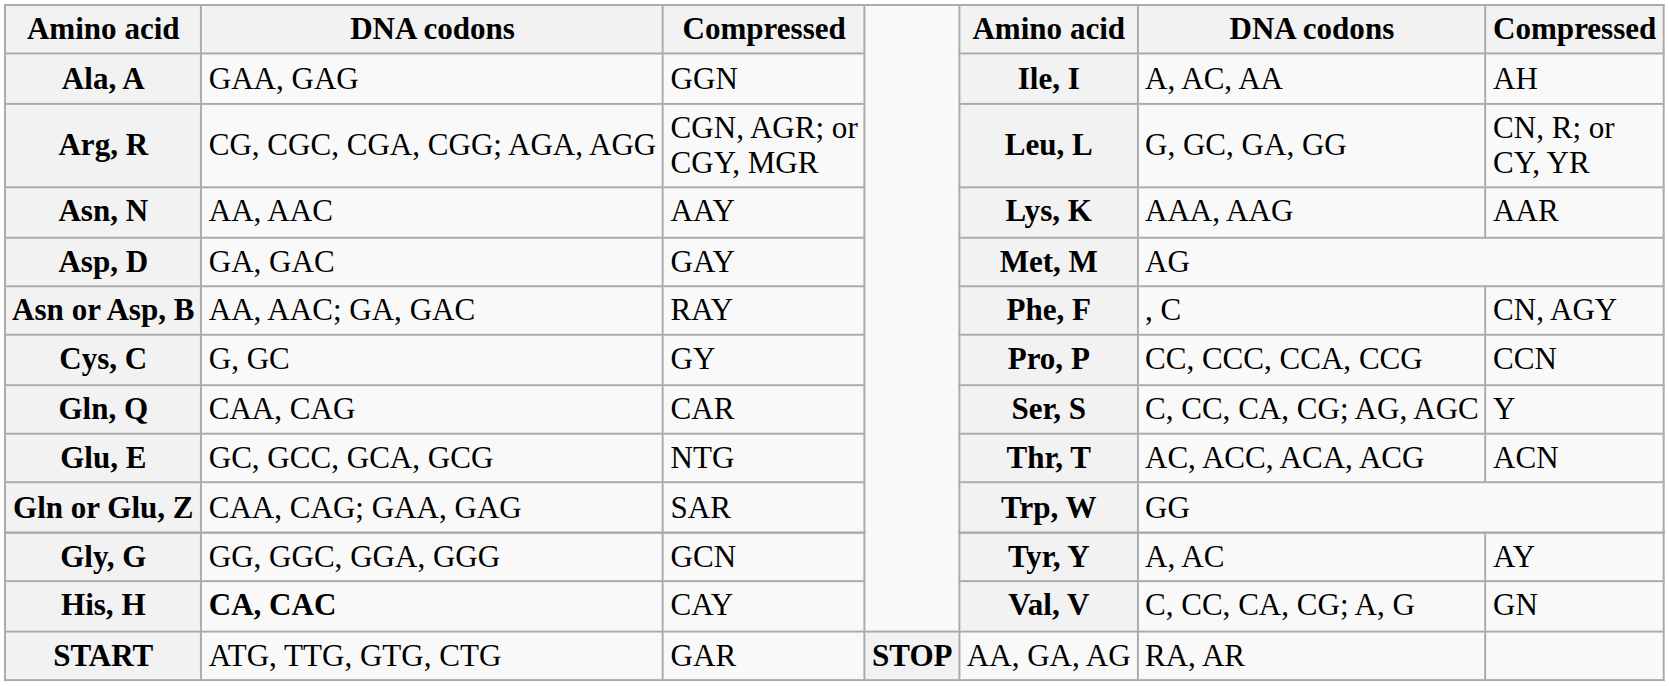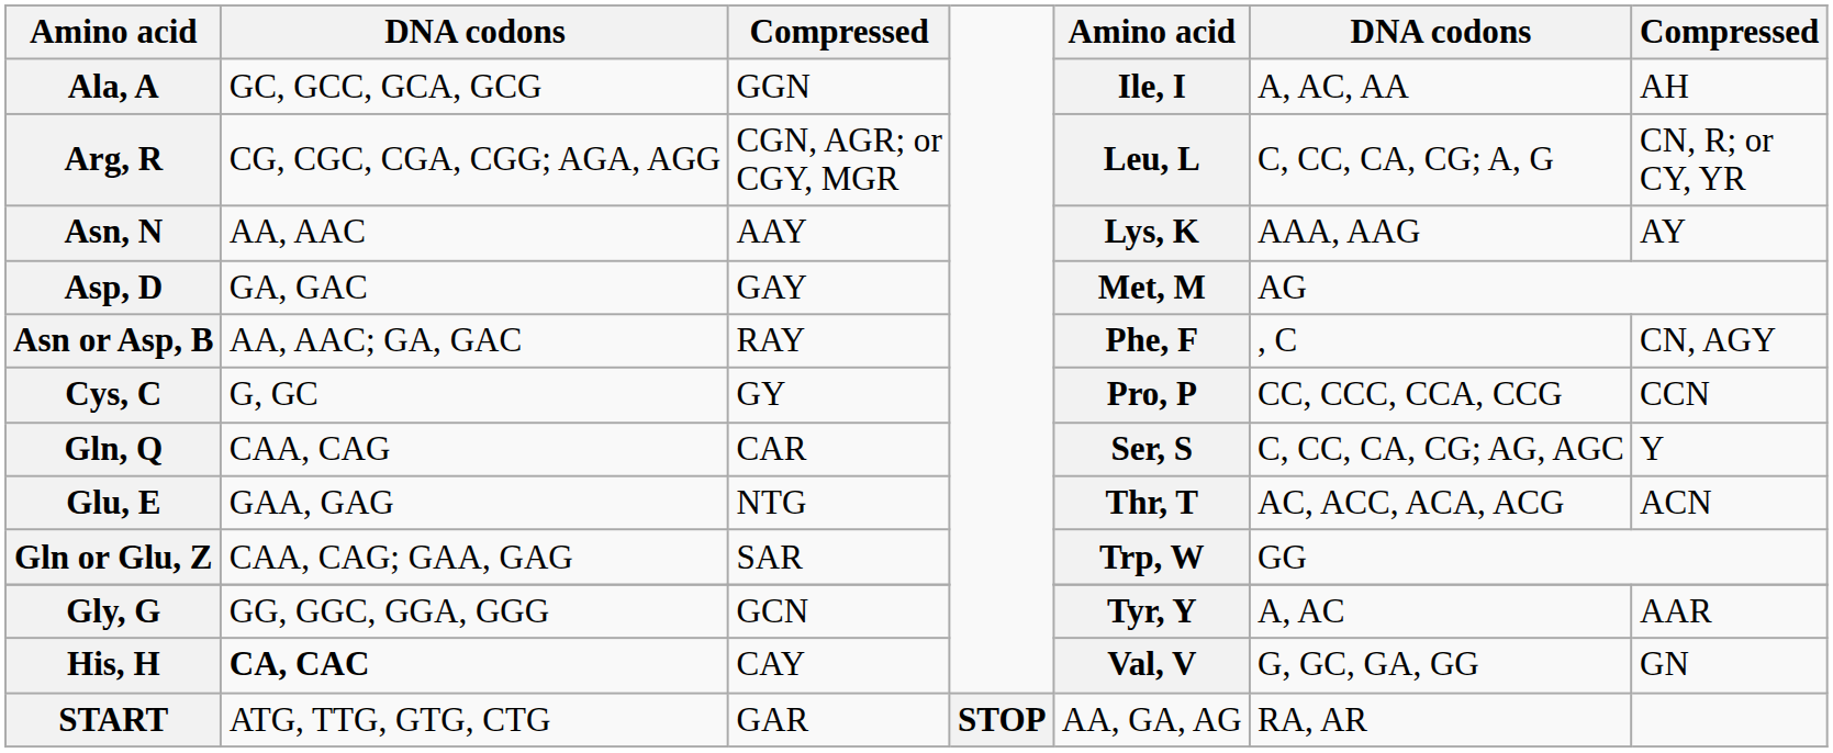 <table class="wikitable" style="vertical-align:top;">
 <tr>
 <th>Amino acid</th>
 <th>DNA codons</th>
 <th>Compressed</th>
 <td rowspan=13></td>
 <th>Amino acid</th>
 <th>DNA codons</th>
 <th>Compressed</th>
 </tr>
 <tr>
 <th style="text-align:center;">Ala, A</th>
-<td>GAA, GAG</td>
+<td>GC, GCC, GCA, GCG</td>
 <td>GGN</td>
 <th style="text-align:center;">Ile, I</th>
 <td>A, AC, AA</td>
 <td>AH</td>
 </tr>
 <tr>
 <th style="text-align:center;">Arg, R</th>
 <td>CG, CGC, CGA, CGG; AGA, AGG</td>
 <td>CGN, AGR; or<br> CGY, MGR</td>
 <th style="text-align:center;">Leu, L</th>
-<td>G, GC, GA, GG</td>
+<td>C, CC, CA, CG; A, G</td>
 <td>CN, R; or <br>CY, YR</td>
 </tr>
 <tr>
 <th style="text-align:center;">Asn, N</th>
 <td>AA, AAC</td>
 <td>AAY</td>
 <th style="text-align:center;">Lys, K</th>
 <td>AAA, AAG</td>
-<td>AAR</td>
+<td>AY</td>
 </tr>
 <tr>
 <th style="text-align:center;">Asp, D</th>
 <td>GA, GAC</td>
 <td>GAY</td>
 <th style="text-align:center;">Met, M</th>
 <td colspan=2>AG</td>
 </tr>
 <tr>
 <th style="text-align:center;">Asn or Asp, B</th>
 <td>AA, AAC; GA, GAC</td>
 <td>RAY</td>
 <th style="text-align:center;">Phe, F</th>
 <td>, C</td>
 <td>CN, AGY</td>
 </tr>
 <tr>
 <th style="text-align:center;">Cys, C</th>
 <td>G, GC</td>
 <td>GY</td>
 <th style="text-align:center;">Pro, P</th>
 <td>CC, CCC, CCA, CCG</td>
 <td>CCN</td>
 </tr>
 <tr>
 <th style="text-align:center;">Gln, Q</th>
 <td>CAA, CAG</td>
 <td>CAR</td>
 <th style="text-align:center;">Ser, S</th>
 <td>C, CC, CA, CG; AG, AGC</td>
 <td>Y</td>
 </tr>
 <tr>
 <th style="text-align:center;">Glu, E</th>
-<td>GC, GCC, GCA, GCG</td>
+<td>GAA, GAG</td>
 <td>NTG</td>
 <th style="text-align:center;">Thr, T</th>
 <td>AC, ACC, ACA, ACG</td>
 <td>ACN</td>
 </tr>
 <tr>
 <th style="text-align:center;">Gln or Glu, Z</th>
 <td>CAA, CAG; GAA, GAG</td>
 <td>SAR</td>
 <th style="text-align:center;">Trp, W</th>
 <td colspan=2>GG</td>
 </tr>
 <tr>
 </tr>
 <tr>
 <th style="text-align:center;">Gly, G</th>
 <td>GG, GGC, GGA, GGG</td>
 <td>GCN</td>
 <th style="text-align:center;">Tyr, Y</th>
 <td>A, AC</td>
-<td>AY</td>
+<td>AAR</td>
 </tr>
 <tr>
 <th style="text-align:center;">His, H</th>
 <td><strong>CA, CAC</strong></td>
 <td>CAY</td>
 <th style="text-align:center;">Val, V</th>
-<td>C, CC, CA, CG; A, G</td>
+<td>G, GC, GA, GG</td>
 <td>GN</td>
 </tr>
 <tr>
 <th style="text-align:center;">START</th>
 <td>ATG, TTG, GTG, CTG</td>
 <td>GAR</td>
 <th style="text-align:center;">STOP</th>
 <td>AA, GA, AG</td>
 <td>RA, AR</td>
 </tr>
 </table>
